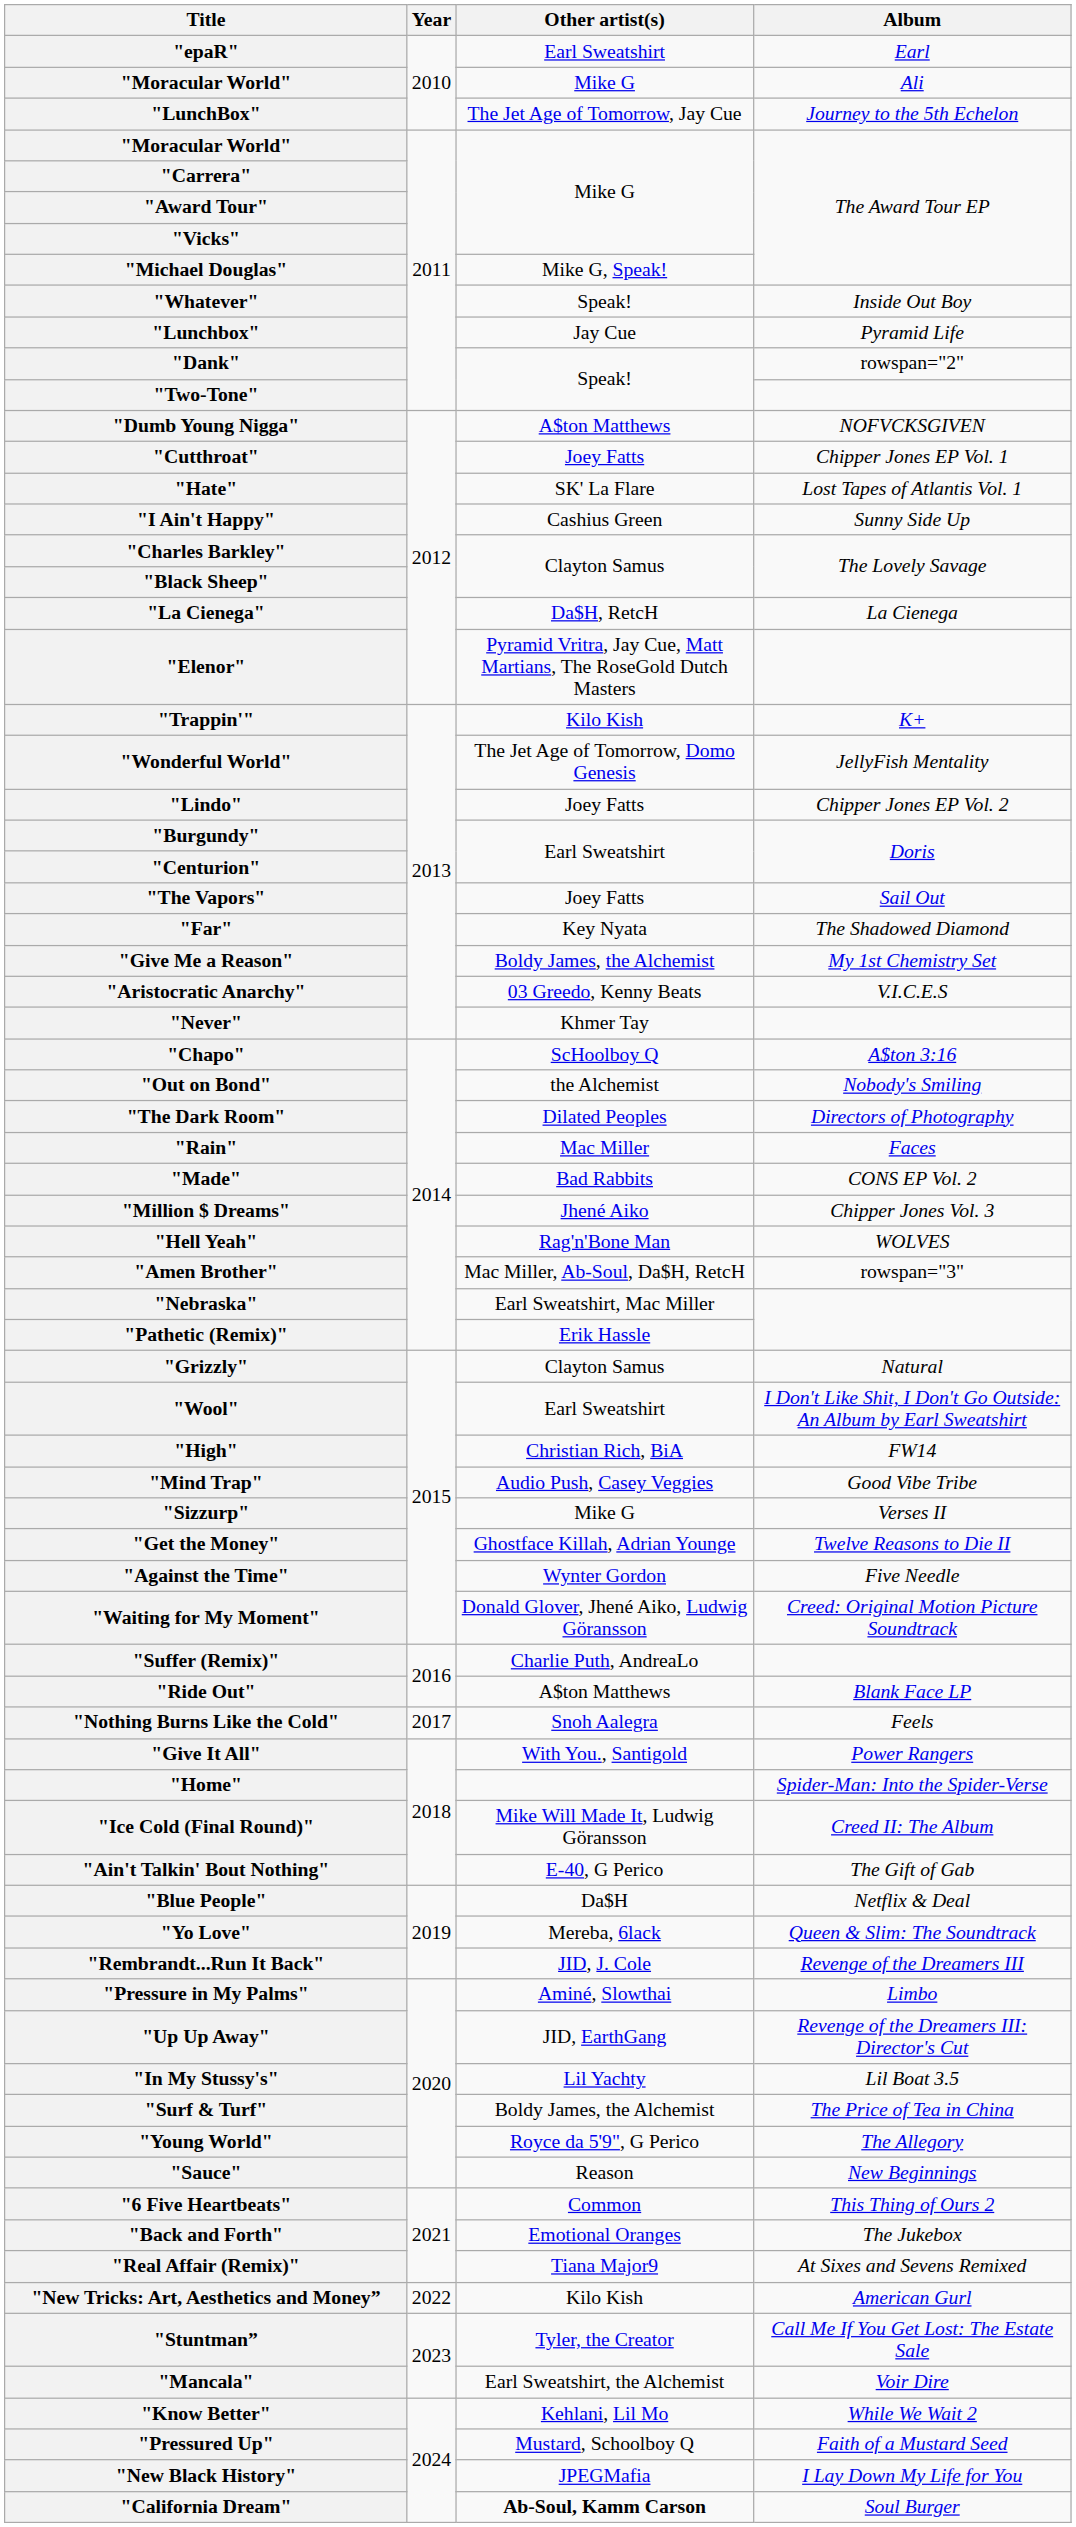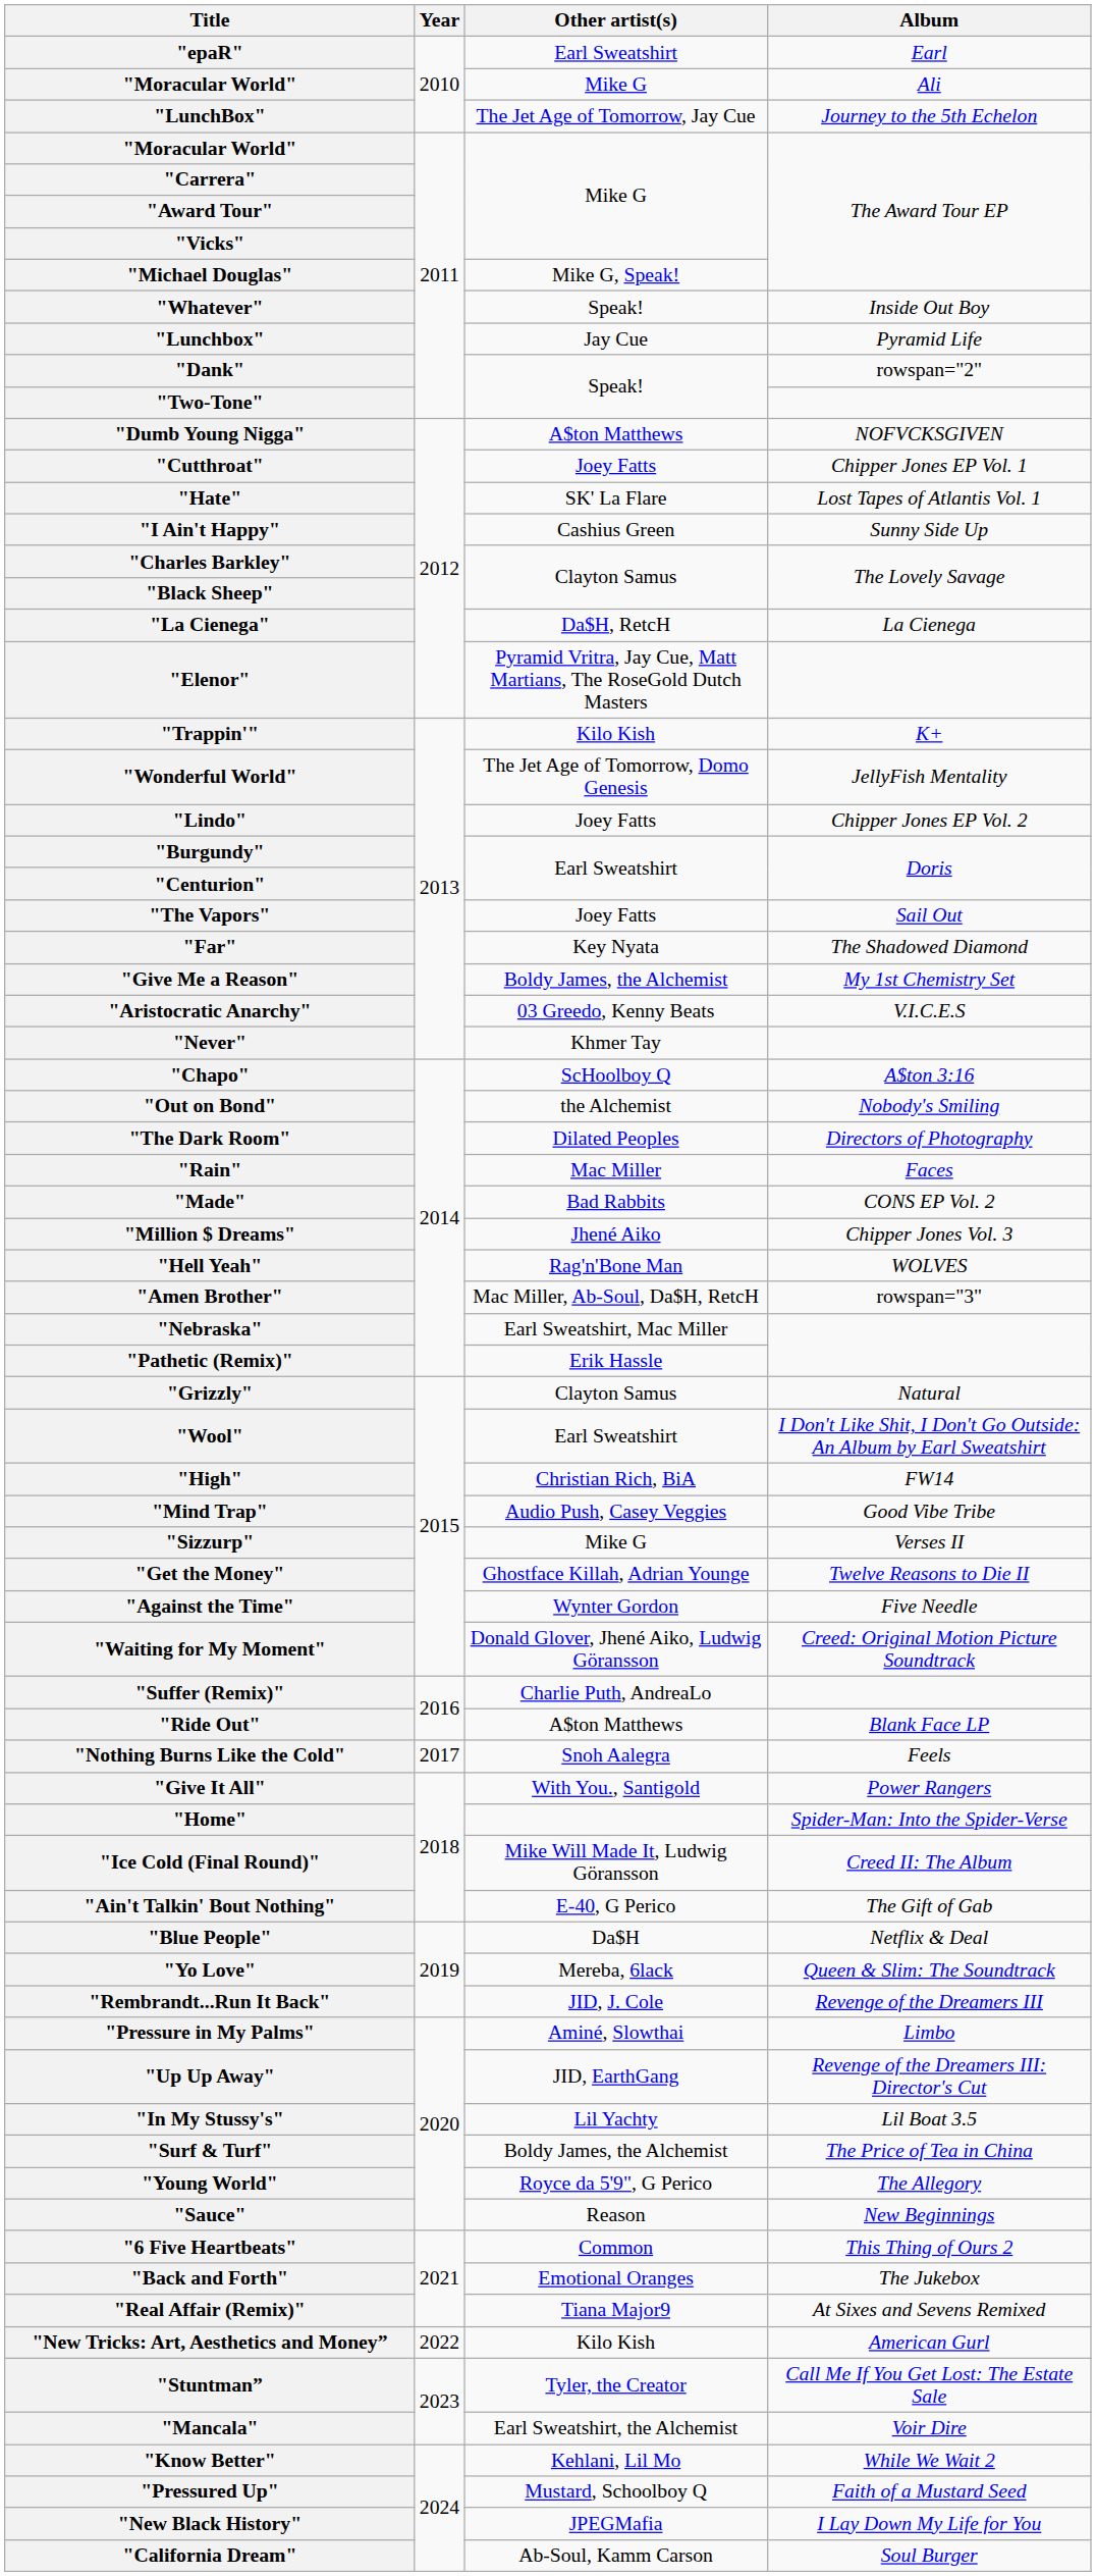 <table class="wikitable plainrowheaders" style="text-align:center;">
 <tr>
 <th scope="col" style="width:20em;">Title</th>
 <th scope="col" style="width:1em;">Year</th>
 <th scope="col">Other artist(s)</th>
 <th scope="col">Album</th>
 </tr>
 <tr>
 <th scope="row">"epaR"</th>
 <td rowspan="3">2010</td>
 <td><a href='#'>Earl Sweatshirt</a></td>
 <td><em><a href='#'>Earl</a></em></td>
 </tr>
 <tr>
 <th scope="row">"Moracular World"</th>
 <td><a href='#'>Mike G</a></td>
 <td><em><a href='#'>Ali</a></em></td>
 </tr>
 <tr>
 <th scope="row">"LunchBox"</th>
 <td><a href='#'>The Jet Age of Tomorrow</a>, Jay Cue</td>
 <td><em><a href='#'>Journey to the 5th Echelon</a></em></td>
 </tr>
 <tr>
 <th scope="row">"Moracular World"</th>
 <td rowspan="9">2011</td>
 <td rowspan="4">Mike G</td>
 <td rowspan="5"><em>The Award Tour EP</em></td>
 </tr>
 <tr>
 <th scope="row">"Carrera"</th>
 </tr>
 <tr>
 <th scope="row">"Award Tour"</th>
 </tr>
 <tr>
 <th scope="row">"Vicks"</th>
 </tr>
 <tr>
 <th scope="row">"Michael Douglas"</th>
 <td>Mike G, <a href='#'>Speak!</a></td>
 </tr>
 <tr>
 <th scope="row">"Whatever"</th>
 <td>Speak!</td>
 <td><em>Inside Out Boy</em></td>
 </tr>
 <tr>
 <th scope="row">"Lunchbox"</th>
 <td>Jay Cue</td>
 <td><em>Pyramid Life</em></td>
 </tr>
 <tr>
 <th scope="row">"Dank"</th>
 <td rowspan="2">Speak!</td>
 <td>rowspan="2" </td>
 </tr>
 <tr>
 <th scope="row">"Two-Tone"</th>
 </tr>
 <tr>
 <th scope="row">"Dumb Young Nigga"</th>
 <td rowspan="8">2012</td>
 <td><a href='#'>A$ton Matthews</a></td>
 <td><em>NOFVCKSGIVEN</em></td>
 </tr>
 <tr>
 <th scope="row">"Cutthroat"</th>
 <td><a href='#'>Joey Fatts</a></td>
 <td><em>Chipper Jones EP Vol. 1</em></td>
 </tr>
 <tr>
 <th scope="row">"Hate"</th>
 <td>SK' La Flare</td>
 <td><em>Lost Tapes of Atlantis Vol. 1</em></td>
 </tr>
 <tr>
 <th scope="row">"I Ain't Happy"</th>
 <td>Cashius Green</td>
 <td><em>Sunny Side Up</em></td>
 </tr>
 <tr>
 <th scope="row">"Charles Barkley"</th>
 <td rowspan="2">Clayton Samus</td>
 <td rowspan="2"><em>The Lovely Savage</em></td>
 </tr>
 <tr>
 <th scope="row">"Black Sheep"</th>
 </tr>
 <tr>
 <th scope="row">"La Cienega"</th>
 <td><a href='#'>Da$H</a>, RetcH</td>
 <td><em>La Cienega</em></td>
 </tr>
 <tr>
 <th scope="row">"Elenor"</th>
 <td><a href='#'>Pyramid Vritra</a>, Jay Cue, <a href='#'>Matt Martians</a>, The RoseGold Dutch Masters</td>
 <td></td>
 </tr>
 <tr>
 <th scope="row">"Trappin'"</th>
 <td rowspan="10">2013</td>
 <td><a href='#'>Kilo Kish</a></td>
 <td><em><a href='#'>K+</a></em></td>
 </tr>
 <tr>
 <th scope="row">"Wonderful World"</th>
 <td>The Jet Age of Tomorrow, <a href='#'>Domo Genesis</a></td>
 <td><em>JellyFish Mentality</em></td>
 </tr>
 <tr>
 <th scope="row">"Lindo"</th>
 <td>Joey Fatts</td>
 <td><em>Chipper Jones EP Vol. 2</em></td>
 </tr>
 <tr>
 <th scope="row">"Burgundy"</th>
 <td rowspan="2">Earl Sweatshirt</td>
 <td rowspan="2"><em><a href='#'>Doris</a></em></td>
 </tr>
 <tr>
 <th scope="row">"Centurion"</th>
 </tr>
 <tr>
 <th scope="row">"The Vapors"</th>
 <td>Joey Fatts</td>
 <td><em><a href='#'>Sail Out</a></em></td>
 </tr>
 <tr>
 <th scope="row">"Far"</th>
 <td>Key Nyata</td>
 <td><em>The Shadowed Diamond</em></td>
 </tr>
 <tr>
 <th scope="row">"Give Me a Reason"</th>
 <td><a href='#'>Boldy James</a>, <a href='#'>the Alchemist</a></td>
 <td><em><a href='#'>My 1st Chemistry Set</a></em></td>
 </tr>
 <tr>
 <th scope="row">"Aristocratic Anarchy"</th>
 <td><a href='#'>03 Greedo</a>, Kenny Beats</td>
 <td><em>V.I.C.E.S</em></td>
 </tr>
 <tr>
 <th scope="row">"Never"</th>
 <td>Khmer Tay</td>
 <td></td>
 </tr>
 <tr>
 <th scope="row">"Chapo"</th>
 <td rowspan="10">2014</td>
 <td><a href='#'>ScHoolboy Q</a></td>
 <td><em><a href='#'>A$ton 3:16</a></em></td>
 </tr>
 <tr>
 <th scope="row">"Out on Bond"</th>
 <td>the Alchemist</td>
 <td><em><a href='#'>Nobody's Smiling</a></em></td>
 </tr>
 <tr>
 <th scope="row">"The Dark Room"</th>
 <td><a href='#'>Dilated Peoples</a></td>
 <td><em><a href='#'>Directors of Photography</a></em></td>
 </tr>
 <tr>
 <th scope="row">"Rain"</th>
 <td><a href='#'>Mac Miller</a></td>
 <td><em><a href='#'>Faces</a></em></td>
 </tr>
 <tr>
 <th scope="row">"Made"</th>
 <td><a href='#'>Bad Rabbits</a></td>
 <td><em>CONS EP Vol. 2</em></td>
 </tr>
 <tr>
 <th scope="row">"Million $ Dreams"</th>
 <td><a href='#'>Jhené Aiko</a></td>
 <td><em>Chipper Jones Vol. 3</em></td>
 </tr>
 <tr>
 <th scope="row">"Hell Yeah"</th>
 <td><a href='#'>Rag'n'Bone Man</a></td>
 <td><em>WOLVES</em></td>
 </tr>
 <tr>
 <th scope="row">"Amen Brother"</th>
 <td>Mac Miller, <a href='#'>Ab-Soul</a>, Da$H, RetcH</td>
 <td>rowspan="3" </td>
 </tr>
 <tr>
 <th scope="row">"Nebraska"</th>
 <td>Earl Sweatshirt, Mac Miller</td>
 </tr>
 <tr>
 <th scope="row">"Pathetic (Remix)"</th>
 <td><a href='#'>Erik Hassle</a></td>
 </tr>
 <tr>
 <th scope="row">"Grizzly"</th>
 <td rowspan="8">2015</td>
 <td>Clayton Samus</td>
 <td><em>Natural</em></td>
 </tr>
 <tr>
 <th scope="row">"Wool"</th>
 <td>Earl Sweatshirt</td>
 <td><em><a href='#'>I Don't Like Shit, I Don't Go Outside: An Album by Earl Sweatshirt</a></em></td>
 </tr>
 <tr>
 <th scope="row">"High"</th>
 <td><a href='#'>Christian Rich</a>, <a href='#'>BiA</a></td>
 <td><em>FW14</em></td>
 </tr>
 <tr>
 <th scope="row">"Mind Trap"</th>
 <td><a href='#'>Audio Push</a>, <a href='#'>Casey Veggies</a></td>
 <td><em>Good Vibe Tribe</em></td>
 </tr>
 <tr>
 <th scope="row">"Sizzurp"</th>
 <td>Mike G</td>
 <td><em>Verses II</em></td>
 </tr>
 <tr>
 <th scope="row">"Get the Money"</th>
 <td><a href='#'>Ghostface Killah</a>, <a href='#'>Adrian Younge</a></td>
 <td><em><a href='#'>Twelve Reasons to Die II</a></em></td>
 </tr>
 <tr>
 <th scope="row">"Against the Time"</th>
 <td><a href='#'>Wynter Gordon</a></td>
 <td><em>Five Needle</em></td>
 </tr>
 <tr>
 <th scope="row">"Waiting for My Moment"</th>
 <td><a href='#'>Donald Glover</a>, Jhené Aiko, <a href='#'>Ludwig Göransson</a></td>
 <td><em><a href='#'>Creed: Original Motion Picture Soundtrack</a></em></td>
 </tr>
 <tr>
 <th scope="row">"Suffer (Remix)"</th>
 <td rowspan="2">2016</td>
 <td><a href='#'>Charlie Puth</a>, AndreaLo</td>
 <td></td>
 </tr>
 <tr>
 <th scope="row">"Ride Out"</th>
 <td>A$ton Matthews</td>
 <td><em><a href='#'>Blank Face LP</a></em></td>
 </tr>
 <tr>
 <th scope="row">"Nothing Burns Like the Cold"</th>
 <td>2017</td>
 <td><a href='#'>Snoh Aalegra</a></td>
 <td><em>Feels</em></td>
 </tr>
 <tr>
 <th scope="row">"Give It All"</th>
 <td rowspan="4">2018</td>
 <td><a href='#'>With You.</a>, <a href='#'>Santigold</a></td>
 <td><em><a href='#'>Power Rangers</a></em></td>
 </tr>
 <tr>
 <th scope="row">"Home"</th>
 <td></td>
 <td><em><a href='#'>Spider-Man: Into the Spider-Verse</a></em></td>
 </tr>
 <tr>
 <th scope="row">"Ice Cold (Final Round)"</th>
 <td><a href='#'>Mike Will Made It</a>, Ludwig Göransson</td>
 <td><em><a href='#'>Creed II: The Album</a></em></td>
 </tr>
 <tr>
 <th scope="row">"Ain't Talkin' Bout Nothing"</th>
 <td><a href='#'>E-40</a>, G Perico</td>
 <td><em>The Gift of Gab</em></td>
 </tr>
 <tr>
 <th scope="row">"Blue People"</th>
 <td rowspan="3">2019</td>
 <td>Da$H</td>
 <td><em>Netflix & Deal</em></td>
 </tr>
 <tr>
 <th scope="row">"Yo Love"</th>
 <td>Mereba, <a href='#'>6lack</a></td>
 <td><em><a href='#'>Queen & Slim: The Soundtrack</a></em></td>
 </tr>
 <tr>
 <th scope="row">"Rembrandt...Run It Back"</th>
 <td><a href='#'>JID</a>, <a href='#'>J. Cole</a></td>
 <td><em><a href='#'>Revenge of the Dreamers III</a></em></td>
 </tr>
 <tr>
 <th scope="row">"Pressure in My Palms"</th>
 <td rowspan="6">2020</td>
 <td><a href='#'>Aminé</a>, <a href='#'>Slowthai</a></td>
 <td><em><a href='#'>Limbo</a></em></td>
 </tr>
 <tr>
 <th scope="row">"Up Up Away"</th>
 <td>JID, <a href='#'>EarthGang</a></td>
 <td><em><a href='#'>Revenge of the Dreamers III: Director's Cut</a></em></td>
 </tr>
 <tr>
 <th scope="row">"In My Stussy's"</th>
 <td><a href='#'>Lil Yachty</a></td>
 <td><em>Lil Boat 3.5</em></td>
 </tr>
 <tr>
 <th scope="row">"Surf & Turf"</th>
 <td>Boldy James, the Alchemist</td>
 <td><em><a href='#'>The Price of Tea in China</a></em></td>
 </tr>
 <tr>
 <th scope="row">"Young World"</th>
 <td><a href='#'>Royce da 5'9"</a>, G Perico</td>
 <td><em><a href='#'>The Allegory</a></em></td>
 </tr>
 <tr>
 <th scope="row">"Sauce"</th>
 <td>Reason</td>
 <td><em><a href='#'>New Beginnings</a></em></td>
 </tr>
 <tr>
 <th scope="row">"6 Five Heartbeats"</th>
 <td rowspan="3">2021</td>
 <td><a href='#'>Common</a></td>
 <td><em><a href='#'>This Thing of Ours 2</a></em></td>
 </tr>
 <tr>
 <th scope="row">"Back and Forth"</th>
 <td><a href='#'>Emotional Oranges</a></td>
 <td><em>The Jukebox</em></td>
 </tr>
 <tr>
 <th scope="row">"Real Affair (Remix)"</th>
 <td><a href='#'>Tiana Major9</a></td>
 <td><em>At Sixes and Sevens Remixed</em></td>
 </tr>
 <tr>
 <th scope="row">"New Tricks: Art, Aesthetics and Money”</th>
 <td>2022</td>
 <td>Kilo Kish</td>
 <td><em><a href='#'>American Gurl</a></em></td>
 </tr>
 <tr>
 <th scope="row">"Stuntman”</th>
 <td rowspan="2">2023</td>
 <td><a href='#'>Tyler, the Creator</a></td>
 <td><em><a href='#'>Call Me If You Get Lost: The Estate Sale</a></em></td>
 </tr>
 <tr>
 <th scope="row">"Mancala"</th>
 <td>Earl Sweatshirt, the Alchemist</td>
 <td><em><a href='#'>Voir Dire</a></em></td>
 </tr>
 <tr>
 <th scope="row">"Know Better"</th>
 <td rowspan="4">2024</td>
 <td><a href='#'>Kehlani</a>, <a href='#'>Lil Mo</a></td>
 <td><em><a href='#'>While We Wait 2</a></em></td>
 </tr>
 <tr>
 <th scope="row">"Pressured Up"</th>
 <td><a href='#'>Mustard</a>, Schoolboy Q</td>
 <td><em><a href='#'>Faith of a Mustard Seed</a></em></td>
 </tr>
 <tr>
 <th scope="row">"New Black History"</th>
 <td><a href='#'>JPEGMafia</a></td>
 <td><em><a href='#'>I Lay Down My Life for You</a></em></td>
 </tr>
 <tr>
 <th scope="row">"California Dream"</th>
-<td><strong>Ab-Soul, Kamm Carson</strong></td>
+<td>Ab-Soul, Kamm Carson</td>
 <td><em><a href='#'>Soul Burger</a></em></td>
 </tr>
 </table>
